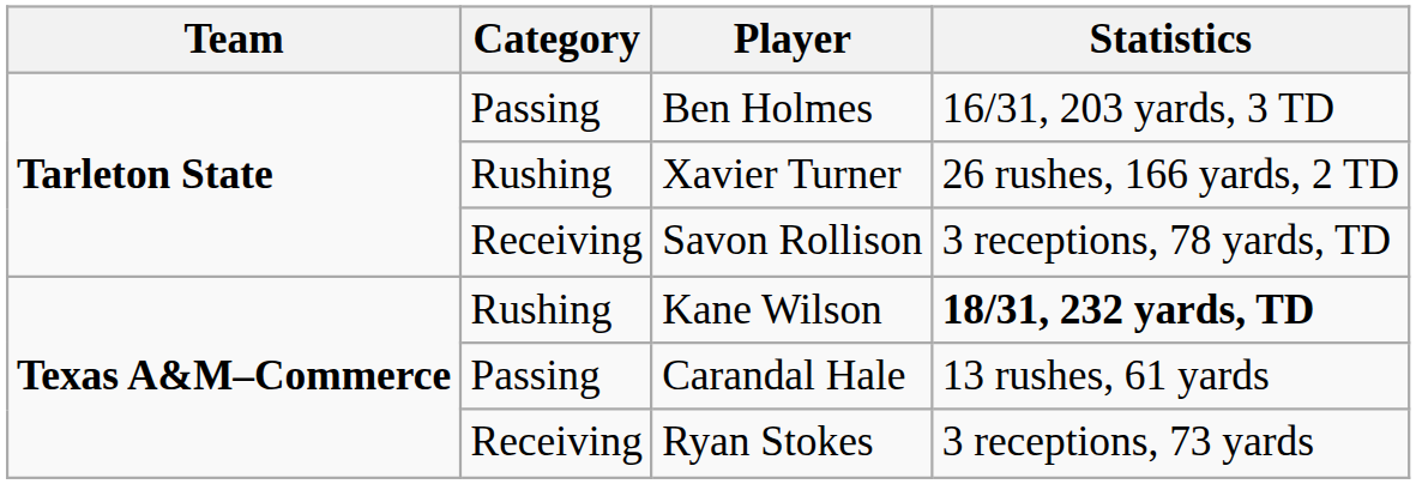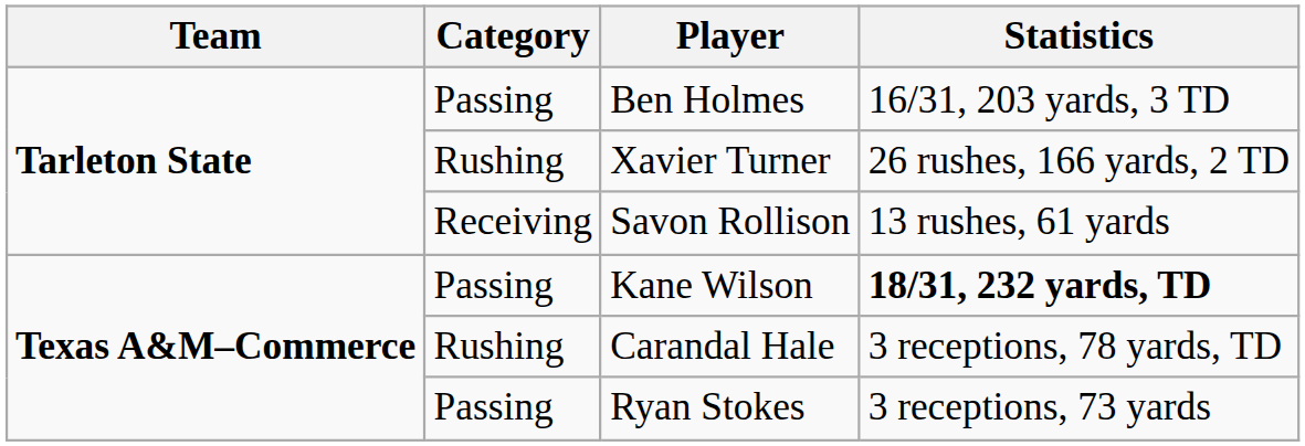 <table class="wikitable" style="float: right;">
 <tr>
 <th>Team</th>
 <th>Category</th>
 <th>Player</th>
 <th>Statistics</th>
 </tr>
 <tr>
 <td rowspan=3><strong>Tarleton State</strong></td>
 <td>Passing</td>
 <td>Ben Holmes</td>
 <td>16/31, 203 yards, 3 TD</td>
 </tr>
 <tr>
 <td>Rushing</td>
 <td>Xavier Turner</td>
 <td>26 rushes, 166 yards, 2 TD</td>
 </tr>
 <tr>
 <td>Receiving</td>
 <td>Savon Rollison</td>
-<td>3 receptions, 78 yards, TD</td>
+<td>13 rushes, 61 yards</td>
 </tr>
 <tr>
 <td rowspan=3><strong>Texas A&M–Commerce</strong></td>
-<td>Rushing</td>
+<td>Passing</td>
 <td>Kane Wilson</td>
 <td><strong>18/31, 232 yards, TD</strong></td>
 </tr>
 <tr>
-<td>Passing</td>
+<td>Rushing</td>
 <td>Carandal Hale</td>
-<td>13 rushes, 61 yards</td>
+<td>3 receptions, 78 yards, TD</td>
 </tr>
 <tr>
-<td>Receiving</td>
+<td>Passing</td>
 <td>Ryan Stokes</td>
 <td>3 receptions, 73 yards</td>
 </tr>
 </table>
